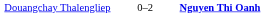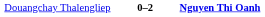 <table>
 <tr>
 <th width=400></th>
 <th width=100></th>
 <th width=400></th>
 </tr>
 <tr>
 <td align=right><a href='#'>Douangchay Thalengliep</a> </td>
-<td align=center>0–2</td>
+<td align=center><strong>0–2</strong></td>
 <td><strong> <a href='#'>Nguyen Thi Oanh</a></strong></td>
 </tr>
 </table>
